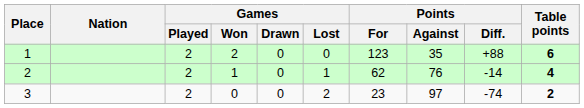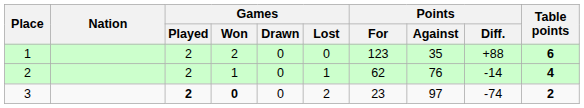 <table class="wikitable" style="text-align:center">
 <tr>
 <th rowspan="2" style="width:8%">Place</th>
 <th rowspan="2" style="width:20%">Nation</th>
 <th colspan="4" style="width:32%">Games</th>
 <th colspan="3" style="width:30%">Points</th>
 <th rowspan="2" style="width:10%">Table<br>points</th>
 </tr>
 <tr>
 <th style="width:8%">Played</th>
 <th style="width:8%">Won</th>
 <th style="width:8%">Drawn</th>
 <th style="width:8%">Lost</th>
 <th style="width:10%">For</th>
 <th style="width:10%">Against</th>
 <th style="width:10%">Diff.</th>
 </tr>
 <tr style="background:#cfc">
 <td>1</td>
 <td align=left><strong></strong></td>
 <td>2</td>
 <td>2</td>
 <td>0</td>
 <td>0</td>
 <td>123</td>
 <td>35</td>
 <td>+88</td>
 <td><strong>6</strong></td>
 </tr>
 <tr style="background:#cfc">
 <td>2</td>
 <td align=left></td>
 <td>2</td>
 <td>1</td>
 <td>0</td>
 <td>1</td>
 <td>62</td>
 <td>76</td>
 <td>-14</td>
 <td><strong>4</strong></td>
 </tr>
 <tr>
 <td>3</td>
 <td align=left></td>
-<td>2</td>
-<td>0</td>
+<td><strong>2</strong></td>
+<td><strong>0</strong></td>
 <td>0</td>
 <td>2</td>
 <td>23</td>
 <td>97</td>
 <td>-74</td>
 <td><strong>2</strong></td>
 </tr>
 </table>
